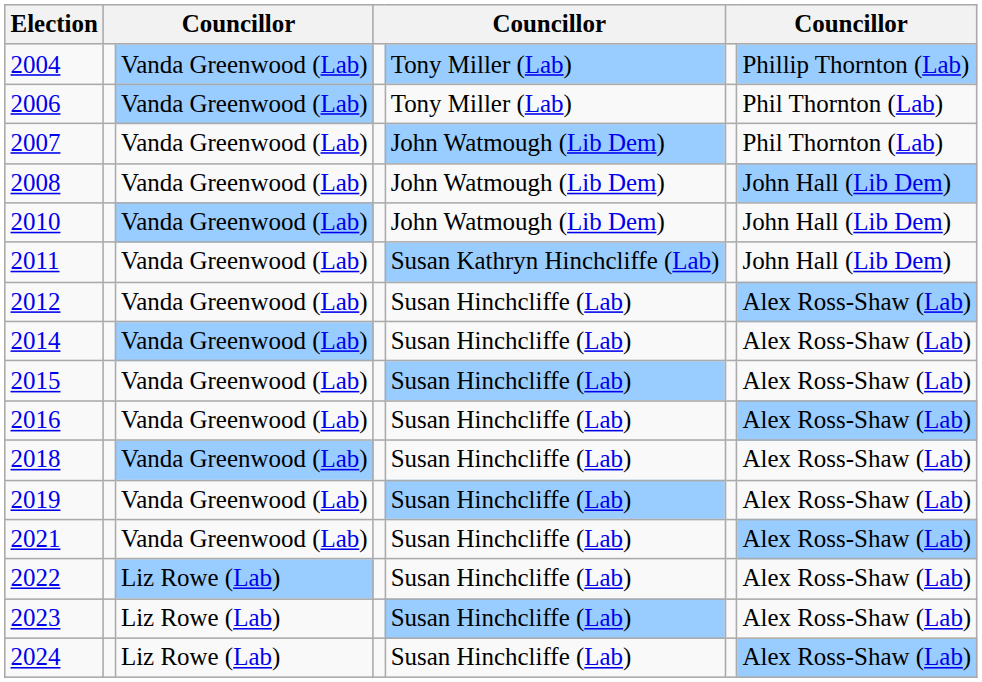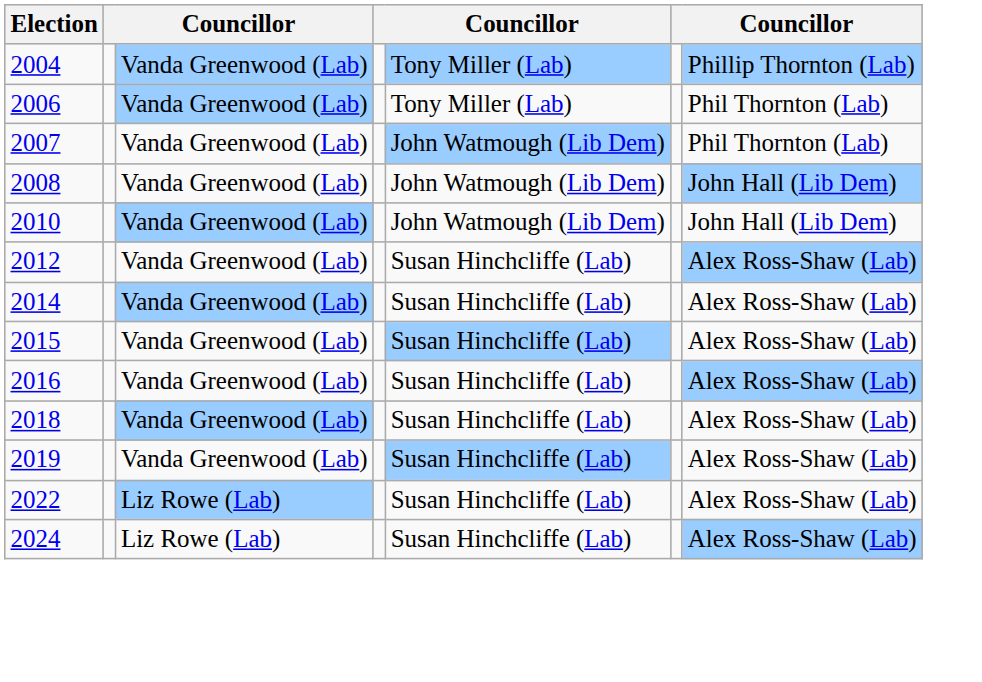 <table class="wikitable">
 <tr>
 <th>Election</th>
 <th colspan="2">Councillor</th>
 <th colspan="2">Councillor</th>
 <th colspan="2">Councillor</th>
 </tr>
 <tr>
 <td><a href='#'>2004</a></td>
 <td style="background-color: "></td>
 <td bgcolor="#99CCFF">Vanda Greenwood (<a href='#'>Lab</a>)</td>
 <td style="background-color: "></td>
 <td bgcolor="#99CCFF">Tony Miller (<a href='#'>Lab</a>)</td>
 <td style="background-color: "></td>
 <td bgcolor="#99CCFF">Phillip Thornton (<a href='#'>Lab</a>)</td>
 </tr>
 <tr>
 <td><a href='#'>2006</a></td>
 <td style="background-color: "></td>
 <td bgcolor="#99CCFF">Vanda Greenwood (<a href='#'>Lab</a>)</td>
 <td style="background-color: "></td>
 <td>Tony Miller (<a href='#'>Lab</a>)</td>
 <td style="background-color: "></td>
 <td>Phil Thornton (<a href='#'>Lab</a>)</td>
 </tr>
 <tr>
 <td><a href='#'>2007</a></td>
 <td style="background-color: "></td>
 <td>Vanda Greenwood (<a href='#'>Lab</a>)</td>
 <td style="background-color: "></td>
 <td bgcolor="#99CCFF">John Watmough (<a href='#'>Lib Dem</a>)</td>
 <td style="background-color: "></td>
 <td>Phil Thornton (<a href='#'>Lab</a>)</td>
 </tr>
 <tr>
 <td><a href='#'>2008</a></td>
 <td style="background-color: "></td>
 <td>Vanda Greenwood (<a href='#'>Lab</a>)</td>
 <td style="background-color: "></td>
 <td>John Watmough (<a href='#'>Lib Dem</a>)</td>
 <td style="background-color: "></td>
 <td bgcolor="#99CCFF">John Hall (<a href='#'>Lib Dem</a>)</td>
 </tr>
 <tr>
 <td><a href='#'>2010</a></td>
 <td style="background-color: "></td>
 <td bgcolor="#99CCFF">Vanda Greenwood (<a href='#'>Lab</a>)</td>
 <td style="background-color: "></td>
 <td>John Watmough (<a href='#'>Lib Dem</a>)</td>
-<td style="background-color: "></td>
-<td>John Hall (<a href='#'>Lib Dem</a>)</td>
-</tr>
-<tr>
-<td><a href='#'>2011</a></td>
-<td style="background-color: "></td>
-<td>Vanda Greenwood (<a href='#'>Lab</a>)</td>
-<td style="background-color: "></td>
-<td bgcolor="#99CCFF">Susan Kathryn Hinchcliffe (<a href='#'>Lab</a>)</td>
 <td style="background-color: "></td>
 <td>John Hall (<a href='#'>Lib Dem</a>)</td>
 </tr>
 <tr>
 <td><a href='#'>2012</a></td>
 <td style="background-color: "></td>
 <td>Vanda Greenwood (<a href='#'>Lab</a>)</td>
 <td style="background-color: "></td>
 <td>Susan Hinchcliffe (<a href='#'>Lab</a>)</td>
 <td style="background-color: "></td>
 <td bgcolor="#99CCFF">Alex Ross-Shaw (<a href='#'>Lab</a>)</td>
 </tr>
 <tr>
 <td><a href='#'>2014</a></td>
 <td style="background-color: "></td>
 <td bgcolor="#99CCFF">Vanda Greenwood (<a href='#'>Lab</a>)</td>
 <td style="background-color: "></td>
 <td>Susan Hinchcliffe (<a href='#'>Lab</a>)</td>
 <td style="background-color: "></td>
 <td>Alex Ross-Shaw (<a href='#'>Lab</a>)</td>
 </tr>
 <tr>
 <td><a href='#'>2015</a></td>
 <td style="background-color: "></td>
 <td>Vanda Greenwood (<a href='#'>Lab</a>)</td>
 <td style="background-color: "></td>
 <td bgcolor="#99CCFF">Susan Hinchcliffe (<a href='#'>Lab</a>)</td>
 <td style="background-color: "></td>
 <td>Alex Ross-Shaw (<a href='#'>Lab</a>)</td>
 </tr>
 <tr>
 <td><a href='#'>2016</a></td>
 <td style="background-color: "></td>
 <td>Vanda Greenwood (<a href='#'>Lab</a>)</td>
 <td style="background-color: "></td>
 <td>Susan Hinchcliffe (<a href='#'>Lab</a>)</td>
 <td style="background-color: "></td>
 <td bgcolor="#99CCFF">Alex Ross-Shaw (<a href='#'>Lab</a>)</td>
 </tr>
 <tr>
 <td><a href='#'>2018</a></td>
 <td style="background-color: "></td>
 <td bgcolor="#99CCFF">Vanda Greenwood (<a href='#'>Lab</a>)</td>
 <td style="background-color: "></td>
 <td>Susan Hinchcliffe (<a href='#'>Lab</a>)</td>
 <td style="background-color: "></td>
 <td>Alex Ross-Shaw (<a href='#'>Lab</a>)</td>
 </tr>
 <tr>
 <td><a href='#'>2019</a></td>
 <td style="background-color: "></td>
 <td>Vanda Greenwood (<a href='#'>Lab</a>)</td>
 <td style="background-color: "></td>
 <td bgcolor="#99CCFF">Susan Hinchcliffe (<a href='#'>Lab</a>)</td>
 <td style="background-color: "></td>
 <td>Alex Ross-Shaw (<a href='#'>Lab</a>)</td>
 </tr>
 <tr>
-<td><a href='#'>2021</a></td>
-<td style="background-color: "></td>
-<td>Vanda Greenwood (<a href='#'>Lab</a>)</td>
-<td style="background-color: "></td>
-<td>Susan Hinchcliffe (<a href='#'>Lab</a>)</td>
-<td style="background-color: "></td>
-<td bgcolor="#99CCFF">Alex Ross-Shaw (<a href='#'>Lab</a>)</td>
-</tr>
-<tr>
 <td><a href='#'>2022</a></td>
 <td style="background-color: "></td>
 <td bgcolor="#99CCFF">Liz Rowe (<a href='#'>Lab</a>)</td>
 <td style="background-color: "></td>
 <td>Susan Hinchcliffe (<a href='#'>Lab</a>)</td>
-<td style="background-color: "></td>
-<td>Alex Ross-Shaw (<a href='#'>Lab</a>)</td>
-</tr>
-<tr>
-<td><a href='#'>2023</a></td>
-<td style="background-color: "></td>
-<td>Liz Rowe (<a href='#'>Lab</a>)</td>
-<td style="background-color: "></td>
-<td bgcolor="#99CCFF">Susan Hinchcliffe (<a href='#'>Lab</a>)</td>
 <td style="background-color: "></td>
 <td>Alex Ross-Shaw (<a href='#'>Lab</a>)</td>
 </tr>
 <tr>
 <td><a href='#'>2024</a></td>
 <td style="background-color: "></td>
 <td>Liz Rowe (<a href='#'>Lab</a>)</td>
 <td style="background-color: "></td>
 <td>Susan Hinchcliffe (<a href='#'>Lab</a>)</td>
 <td style="background-color: "></td>
 <td bgcolor="#99CCFF">Alex Ross-Shaw (<a href='#'>Lab</a>)</td>
 </tr>
 </table>
